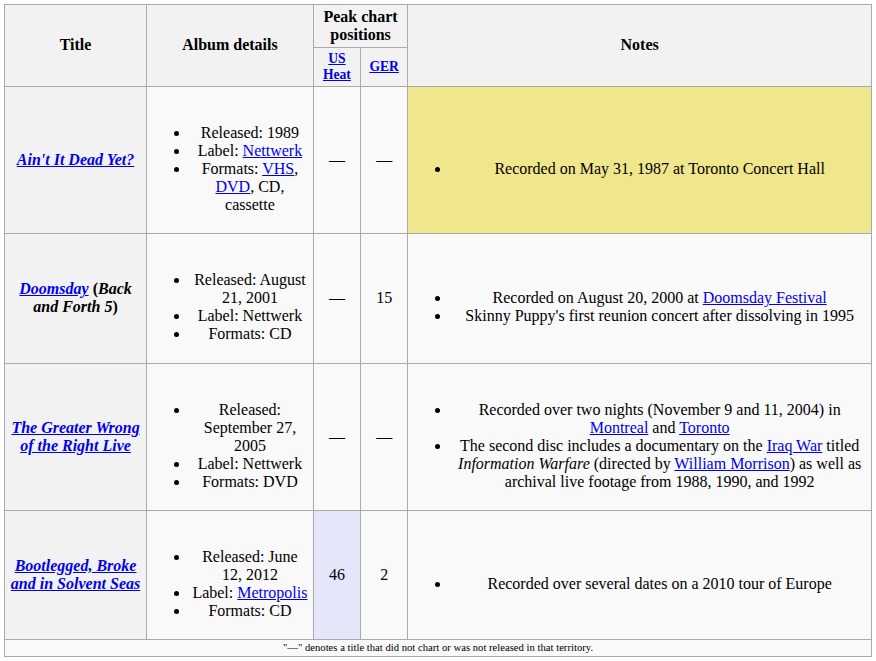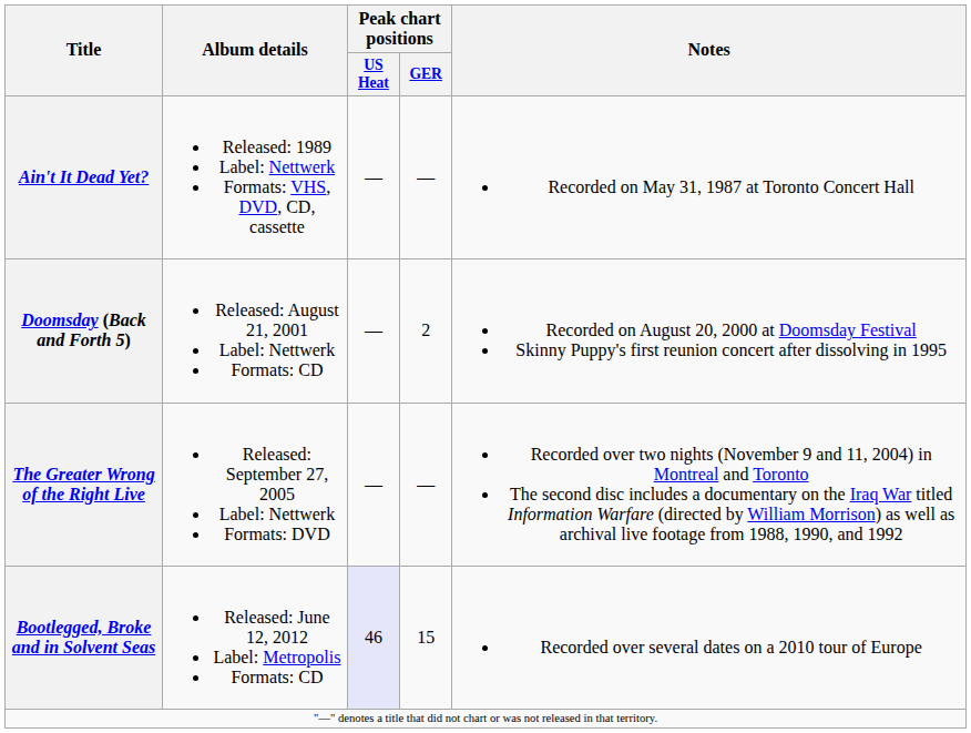 <table class="wikitable plainrowheaders" style="text-align:center;">
 <tr>
 <th scope="col" rowspan="2" style=width="20%">Title</th>
 <th scope="col" rowspan="2" style=width="25%">Album details</th>
 <th scope="col" colspan="2">Peak chart positions</th>
 <th scope="col" rowspan="2" style=width="50%">Notes</th>
 </tr>
 <tr>
 <th style="width:3em;font-size:85%;"><a href='#'>US Heat</a><br></th>
 <th style="width:3em;font-size:85%;"><a href='#'>GER</a></th>
 </tr>
 <tr>
 <th scope="row"><em><a href='#'>Ain't It Dead Yet?</a></em></th>
 <td><br><ul><li>Released: 1989</li><li>Label: <a href='#'>Nettwerk</a></li><li>Formats: <a href='#'>VHS</a>, <a href='#'>DVD</a>, CD, cassette</li></ul></td>
 <td align="center">—</td>
 <td align="center">—</td>
-<td style="background: khaki;"><br><ul><li>Recorded on May 31, 1987 at Toronto Concert Hall</li></ul></td>
+<td><br><ul><li>Recorded on May 31, 1987 at Toronto Concert Hall</li></ul></td>
 </tr>
 <tr>
 <th scope="row"><em><a href='#'>Doomsday</a></em> (<em>Back and Forth 5</em>)</th>
 <td><br><ul><li>Released: August 21, 2001</li><li>Label: Nettwerk</li><li>Formats: CD</li></ul></td>
 <td align="center">—</td>
-<td align="center">15</td>
+<td align="center">2</td>
 <td><br><ul><li>Recorded on August 20, 2000 at <a href='#'>Doomsday Festival</a></li><li>Skinny Puppy's first reunion concert after dissolving in 1995</li></ul></td>
 </tr>
 <tr>
 <th scope="row"><em><a href='#'>The Greater Wrong of the Right Live</a></em></th>
 <td><br><ul><li>Released: September 27, 2005</li><li>Label: Nettwerk</li><li>Formats: DVD</li></ul></td>
 <td align="center">—</td>
 <td align="center">—</td>
 <td><br><ul><li>Recorded over two nights (November 9 and 11, 2004) in <a href='#'>Montreal</a> and <a href='#'>Toronto</a></li><li>The second disc includes a documentary on the <a href='#'>Iraq War</a> titled <em>Information Warfare</em> (directed by <a href='#'>William Morrison</a>) as well as archival live footage from 1988, 1990, and 1992</li></ul></td>
 </tr>
 <tr>
 <th scope="row"><em><a href='#'>Bootlegged, Broke and in Solvent Seas</a></em></th>
 <td><br><ul><li>Released: June 12, 2012</li><li>Label: <a href='#'>Metropolis</a></li><li>Formats: CD</li></ul></td>
 <td align="center" style="background: lavender;">46</td>
-<td align="center">2</td>
+<td align="center">15</td>
 <td><br><ul><li>Recorded over several dates on a 2010 tour of Europe</li></ul></td>
 </tr>
 <tr>
 <td align="center" colspan="5" style="font-size: 8pt">"—" denotes a title that did not chart or was not released in that territory.</td>
 </tr>
 </table>
